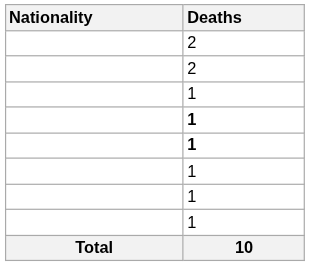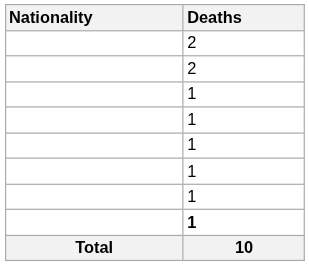 <table class="wikitable sortable floatright" style="font-size:86%; margin:0 0 1.5em 1.5em; width:20%; background:none;">
 <tr>
 <th style="text-align:left;">Nationality</th>
 <th style="text-align:left;">Deaths</th>
 </tr>
 <tr>
 <td style="text-align:left;"></td>
 <td>2</td>
 </tr>
 <tr>
 <td style="text-align:left;"></td>
 <td>2</td>
 </tr>
 <tr>
 <td style="text-align:left;"></td>
 <td>1</td>
 </tr>
 <tr>
 <td style="text-align:left;"></td>
-<td><strong>1</strong></td>
-</tr>
-<tr>
-<td style="text-align:left;"></td>
-<td><strong>1</strong></td>
+<td>1</td>
 </tr>
 <tr>
 <td style="text-align:left;"></td>
 <td>1</td>
 </tr>
 <tr>
 <td style="text-align:left;"></td>
 <td>1</td>
 </tr>
 <tr>
 <td style="text-align:left;"></td>
 <td>1</td>
 </tr>
+<tr>
+<td style="text-align:left;"></td>
+<td><strong>1</strong></td>
+</tr>
 <tr class="sortbottom">
 <th><strong>Total</strong></th>
 <th><strong>10</strong></th>
 </tr>
 </table>
